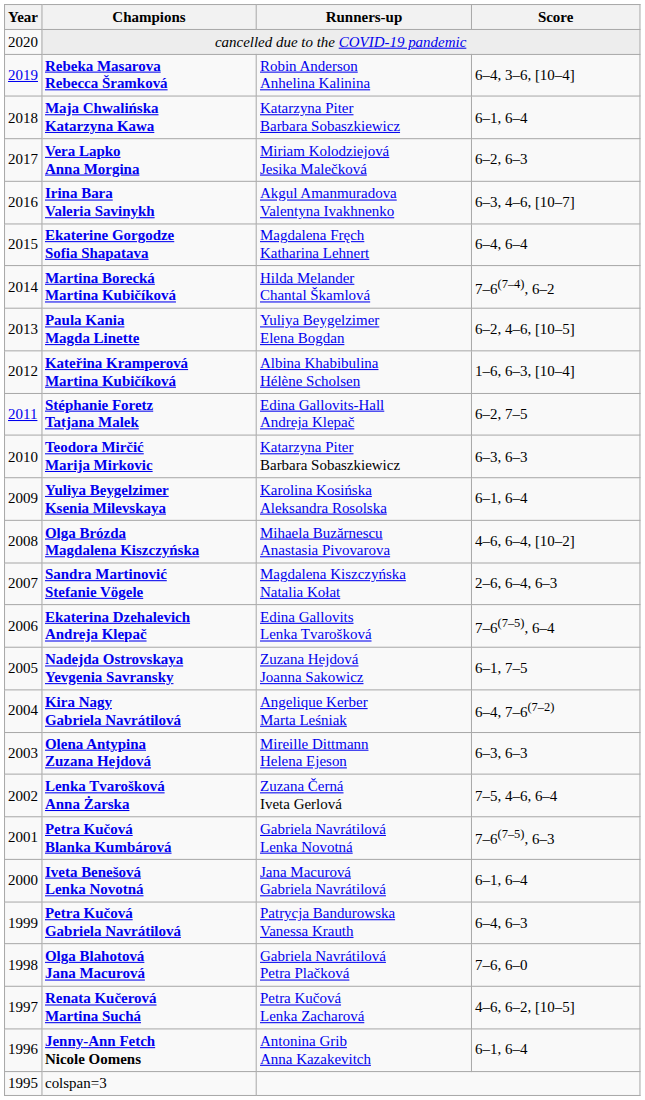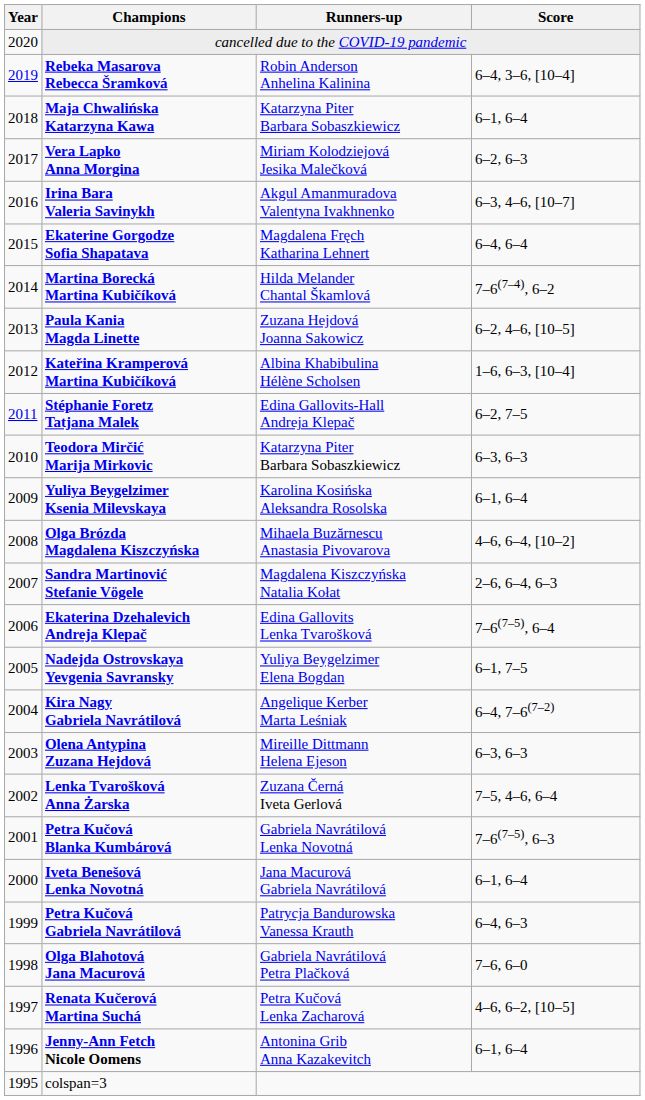 <table class="wikitable" style="font-size:90%">
 <tr>
 <th>Year</th>
 <th width="200">Champions</th>
 <th width="200">Runners-up</th>
 <th width="155">Score</th>
 </tr>
 <tr>
 <td>2020</td>
 <td colspan="3" style="background:#ededed; text-align:center;"><em>cancelled due to the <a href='#'>COVID-19 pandemic</a></em></td>
 </tr>
 <tr>
 <td><a href='#'>2019</a></td>
 <td> <strong><a href='#'>Rebeka Masarova</a></strong> <br>  <strong><a href='#'>Rebecca Šramková</a></strong></td>
 <td> <a href='#'>Robin Anderson</a> <br>  <a href='#'>Anhelina Kalinina</a></td>
 <td>6–4, 3–6, [10–4]</td>
 </tr>
 <tr>
 <td>2018</td>
 <td> <strong><a href='#'>Maja Chwalińska</a></strong> <br>  <strong><a href='#'>Katarzyna Kawa</a></strong></td>
 <td> <a href='#'>Katarzyna Piter</a> <br>  <a href='#'>Barbara Sobaszkiewicz</a></td>
 <td>6–1, 6–4</td>
 </tr>
 <tr>
 <td>2017</td>
 <td> <strong><a href='#'>Vera Lapko</a></strong> <br>  <strong><a href='#'>Anna Morgina</a></strong></td>
 <td> <a href='#'>Miriam Kolodziejová</a> <br>  <a href='#'>Jesika Malečková</a></td>
 <td>6–2, 6–3</td>
 </tr>
 <tr>
 <td>2016</td>
 <td> <strong><a href='#'>Irina Bara</a></strong> <br>  <strong><a href='#'>Valeria Savinykh</a></strong></td>
 <td> <a href='#'>Akgul Amanmuradova</a> <br>  <a href='#'>Valentyna Ivakhnenko</a></td>
 <td>6–3, 4–6, [10–7]</td>
 </tr>
 <tr>
 <td>2015</td>
 <td> <strong><a href='#'>Ekaterine Gorgodze</a></strong> <br>  <strong><a href='#'>Sofia Shapatava</a></strong></td>
 <td> <a href='#'>Magdalena Fręch</a> <br>  <a href='#'>Katharina Lehnert</a></td>
 <td>6–4, 6–4</td>
 </tr>
 <tr>
 <td>2014</td>
 <td> <strong><a href='#'>Martina Borecká</a></strong> <br>  <strong><a href='#'>Martina Kubičíková</a></strong></td>
 <td> <a href='#'>Hilda Melander</a> <br>  <a href='#'>Chantal Škamlová</a></td>
 <td>7–6<sup>(7–4)</sup>, 6–2</td>
 </tr>
 <tr>
 <td>2013</td>
 <td> <strong><a href='#'>Paula Kania</a></strong> <br>  <strong><a href='#'>Magda Linette</a></strong></td>
-<td> <a href='#'>Yuliya Beygelzimer</a> <br>  <a href='#'>Elena Bogdan</a></td>
+<td> <a href='#'>Zuzana Hejdová</a> <br>  <a href='#'>Joanna Sakowicz</a></td>
 <td>6–2, 4–6, [10–5]</td>
 </tr>
 <tr>
 <td>2012</td>
 <td> <strong><a href='#'>Kateřina Kramperová</a></strong> <br>  <strong><a href='#'>Martina Kubičíková</a></strong></td>
 <td> <a href='#'>Albina Khabibulina</a> <br>  <a href='#'>Hélène Scholsen</a></td>
 <td>1–6, 6–3, [10–4]</td>
 </tr>
 <tr>
 <td><a href='#'>2011</a></td>
 <td> <strong><a href='#'>Stéphanie Foretz</a></strong> <br>  <strong><a href='#'>Tatjana Malek</a></strong></td>
 <td> <a href='#'>Edina Gallovits-Hall</a> <br>  <a href='#'>Andreja Klepač</a></td>
 <td>6–2, 7–5</td>
 </tr>
 <tr>
 <td>2010</td>
 <td> <strong><a href='#'>Teodora Mirčić</a></strong> <br>  <strong><a href='#'>Marija Mirkovic</a></strong></td>
 <td> <a href='#'>Katarzyna Piter</a> <br>  Barbara Sobaszkiewicz</td>
 <td>6–3, 6–3</td>
 </tr>
 <tr>
 <td>2009</td>
 <td> <strong><a href='#'>Yuliya Beygelzimer</a></strong> <br>  <strong><a href='#'>Ksenia Milevskaya</a></strong></td>
 <td> <a href='#'>Karolina Kosińska</a> <br>  <a href='#'>Aleksandra Rosolska</a></td>
 <td>6–1, 6–4</td>
 </tr>
 <tr>
 <td>2008</td>
 <td> <strong><a href='#'>Olga Brózda</a></strong> <br>  <strong><a href='#'>Magdalena Kiszczyńska</a></strong></td>
 <td> <a href='#'>Mihaela Buzărnescu</a> <br>  <a href='#'>Anastasia Pivovarova</a></td>
 <td>4–6, 6–4, [10–2]</td>
 </tr>
 <tr>
 <td>2007</td>
 <td> <strong><a href='#'>Sandra Martinović</a></strong> <br>  <strong><a href='#'>Stefanie Vögele</a></strong></td>
 <td> <a href='#'>Magdalena Kiszczyńska</a> <br>  <a href='#'>Natalia Kołat</a></td>
 <td>2–6, 6–4, 6–3</td>
 </tr>
 <tr>
 <td>2006</td>
 <td> <strong><a href='#'>Ekaterina Dzehalevich</a></strong> <br>  <strong><a href='#'>Andreja Klepač</a></strong></td>
 <td> <a href='#'>Edina Gallovits</a> <br>  <a href='#'>Lenka Tvarošková</a></td>
 <td>7–6<sup>(7–5)</sup>, 6–4</td>
 </tr>
 <tr>
 <td>2005</td>
 <td> <strong><a href='#'>Nadejda Ostrovskaya</a></strong> <br>  <strong><a href='#'>Yevgenia Savransky</a></strong></td>
-<td> <a href='#'>Zuzana Hejdová</a> <br>  <a href='#'>Joanna Sakowicz</a></td>
+<td> <a href='#'>Yuliya Beygelzimer</a> <br>  <a href='#'>Elena Bogdan</a></td>
 <td>6–1, 7–5</td>
 </tr>
 <tr>
 <td>2004</td>
 <td> <strong><a href='#'>Kira Nagy</a></strong> <br>  <strong><a href='#'>Gabriela Navrátilová</a></strong></td>
 <td> <a href='#'>Angelique Kerber</a> <br>  <a href='#'>Marta Leśniak</a></td>
 <td>6–4, 7–6<sup>(7–2)</sup></td>
 </tr>
 <tr>
 <td>2003</td>
 <td> <strong><a href='#'>Olena Antypina</a></strong> <br>  <strong><a href='#'>Zuzana Hejdová</a></strong></td>
 <td> <a href='#'>Mireille Dittmann</a> <br>  <a href='#'>Helena Ejeson</a></td>
 <td>6–3, 6–3</td>
 </tr>
 <tr>
 <td>2002</td>
 <td> <strong><a href='#'>Lenka Tvarošková</a></strong> <br>  <strong><a href='#'>Anna Żarska</a></strong></td>
 <td> <a href='#'>Zuzana Černá</a> <br>  Iveta Gerlová</td>
 <td>7–5, 4–6, 6–4</td>
 </tr>
 <tr>
 <td>2001</td>
 <td> <strong><a href='#'>Petra Kučová</a></strong> <br>  <strong><a href='#'>Blanka Kumbárová</a></strong></td>
 <td> <a href='#'>Gabriela Navrátilová</a> <br>  <a href='#'>Lenka Novotná</a></td>
 <td>7–6<sup>(7–5)</sup>, 6–3</td>
 </tr>
 <tr>
 <td>2000</td>
 <td> <strong><a href='#'>Iveta Benešová</a></strong> <br>  <strong><a href='#'>Lenka Novotná</a></strong></td>
 <td> <a href='#'>Jana Macurová</a> <br>  <a href='#'>Gabriela Navrátilová</a></td>
 <td>6–1, 6–4</td>
 </tr>
 <tr>
 <td>1999</td>
 <td> <strong><a href='#'>Petra Kučová</a></strong> <br>  <strong><a href='#'>Gabriela Navrátilová</a></strong></td>
 <td> <a href='#'>Patrycja Bandurowska</a> <br>  <a href='#'>Vanessa Krauth</a></td>
 <td>6–4, 6–3</td>
 </tr>
 <tr>
 <td>1998</td>
 <td> <strong><a href='#'>Olga Blahotová</a></strong> <br>  <strong><a href='#'>Jana Macurová</a></strong></td>
 <td> <a href='#'>Gabriela Navrátilová</a> <br>  <a href='#'>Petra Plačková</a></td>
 <td>7–6, 6–0</td>
 </tr>
 <tr>
 <td>1997</td>
 <td> <strong><a href='#'>Renata Kučerová</a></strong> <br>  <strong><a href='#'>Martina Suchá</a></strong></td>
 <td> <a href='#'>Petra Kučová</a> <br>  <a href='#'>Lenka Zacharová</a></td>
 <td>4–6, 6–2, [10–5]</td>
 </tr>
 <tr>
 <td>1996</td>
 <td> <strong><a href='#'>Jenny-Ann Fetch</a></strong> <br>  <strong>Nicole Oomens</strong></td>
 <td> <a href='#'>Antonina Grib</a> <br>  <a href='#'>Anna Kazakevitch</a></td>
 <td>6–1, 6–4</td>
 </tr>
 <tr>
 <td>1995</td>
 <td>colspan=3 </td>
 </tr>
 </table>
